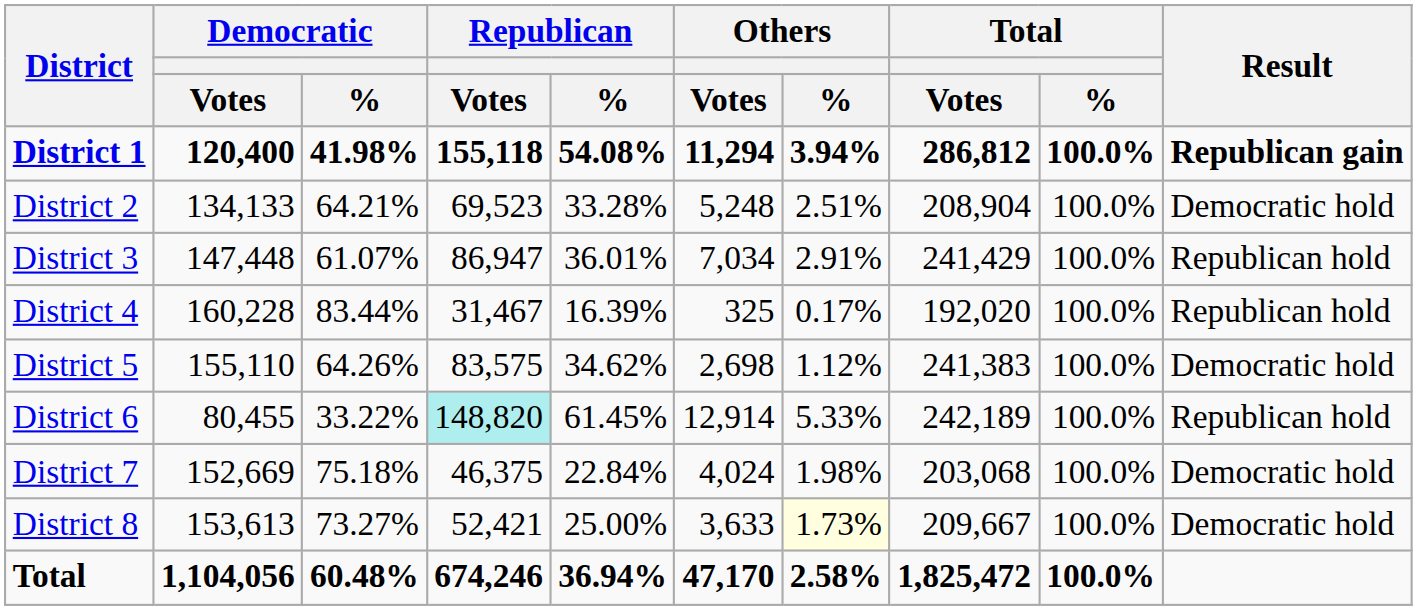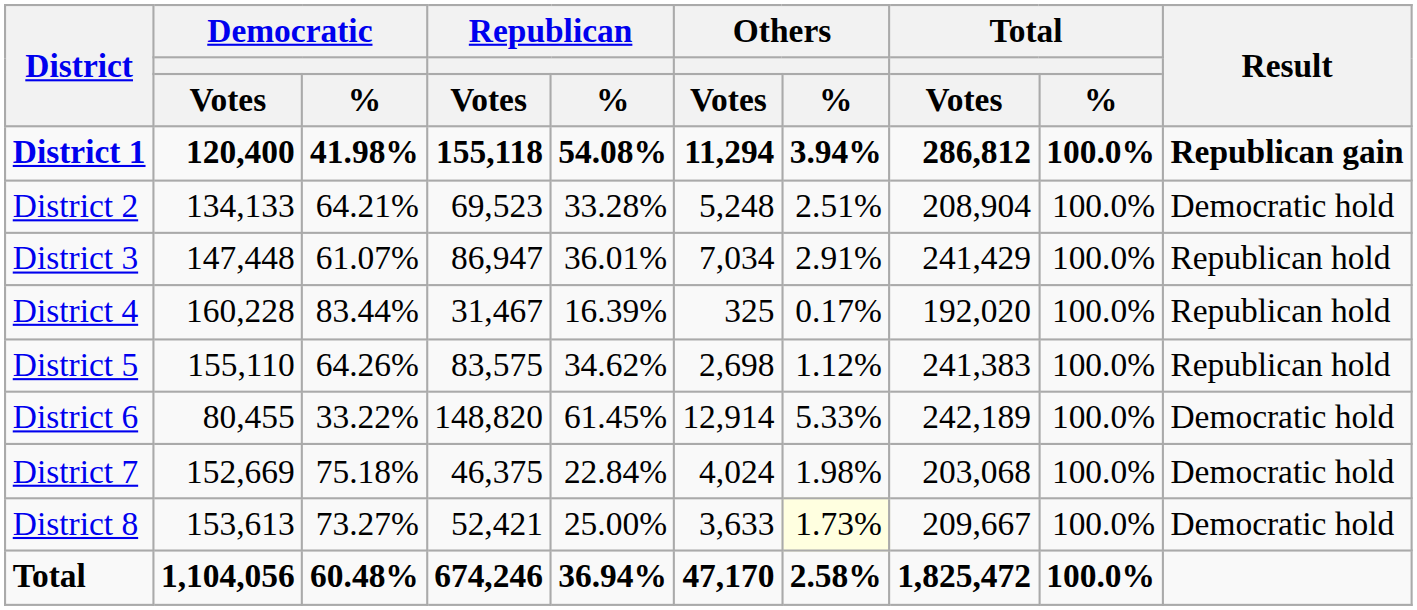 <table class="wikitable plainrowheaders sortable" style="font-size:100%; text-align:right;">
 <tr>
 <th rowspan="3" scope="col"><a href='#'>District</a></th>
 <th colspan="2" scope="col"><a href='#'>Democratic</a></th>
 <th colspan="2" scope="col"><a href='#'>Republican</a></th>
 <th colspan="2" scope="col">Others</th>
 <th colspan="2" scope="col">Total</th>
 <th rowspan="3" scope="col">Result</th>
 </tr>
 <tr>
 <th colspan="2" scope="col" style="background:"></th>
 <th colspan="2" scope="col" style="background:"></th>
 <th colspan="2" scope="col"></th>
 <th colspan="2" scope="col"></th>
 </tr>
 <tr>
 <th scope="col" data-sort-type="number">Votes</th>
 <th scope="col" data-sort-type="number">%</th>
 <th scope="col" data-sort-type="number">Votes</th>
 <th scope="col" data-sort-type="number">%</th>
 <th scope="col" data-sort-type="number">Votes</th>
 <th scope="col" data-sort-type="number">%</th>
 <th scope="col" data-sort-type="number">Votes</th>
 <th scope="col" data-sort-type="number">%</th>
 </tr>
 <tr>
 <td align="left"><strong><a href='#'>District 1</a></strong></td>
 <td><strong>120,400</strong></td>
 <td><strong>41.98%</strong></td>
 <td><strong>155,118</strong></td>
 <td><strong>54.08%</strong></td>
 <td><strong>11,294</strong></td>
 <td><strong>3.94%</strong></td>
 <td><strong>286,812</strong></td>
 <td><strong>100.0%</strong></td>
 <td align="left"><strong>Republican gain</strong></td>
 </tr>
 <tr>
 <td align="left"><a href='#'>District 2</a></td>
 <td>134,133</td>
 <td>64.21%</td>
 <td>69,523</td>
 <td>33.28%</td>
 <td>5,248</td>
 <td>2.51%</td>
 <td>208,904</td>
 <td>100.0%</td>
 <td align="left">Democratic hold</td>
 </tr>
 <tr>
 <td align="left"><a href='#'>District 3</a></td>
 <td>147,448</td>
 <td>61.07%</td>
 <td>86,947</td>
 <td>36.01%</td>
 <td>7,034</td>
 <td>2.91%</td>
 <td>241,429</td>
 <td>100.0%</td>
 <td align="left">Republican hold</td>
 </tr>
 <tr>
 <td align="left"><a href='#'>District 4</a></td>
 <td>160,228</td>
 <td>83.44%</td>
 <td>31,467</td>
 <td>16.39%</td>
 <td>325</td>
 <td>0.17%</td>
 <td>192,020</td>
 <td>100.0%</td>
 <td align="left">Republican hold</td>
 </tr>
 <tr>
 <td align="left"><a href='#'>District 5</a></td>
 <td>155,110</td>
 <td>64.26%</td>
 <td>83,575</td>
 <td>34.62%</td>
 <td>2,698</td>
 <td>1.12%</td>
 <td>241,383</td>
 <td>100.0%</td>
-<td align="left">Democratic hold</td>
+<td align="left">Republican hold</td>
 </tr>
 <tr>
 <td align="left"><a href='#'>District 6</a></td>
 <td>80,455</td>
 <td>33.22%</td>
-<td style="background: paleturquoise;">148,820</td>
+<td>148,820</td>
 <td>61.45%</td>
 <td>12,914</td>
 <td>5.33%</td>
 <td>242,189</td>
 <td>100.0%</td>
-<td align="left">Republican hold</td>
+<td align="left">Democratic hold</td>
 </tr>
 <tr>
 <td align="left"><a href='#'>District 7</a></td>
 <td>152,669</td>
 <td>75.18%</td>
 <td>46,375</td>
 <td>22.84%</td>
 <td>4,024</td>
 <td>1.98%</td>
 <td>203,068</td>
 <td>100.0%</td>
 <td align="left">Democratic hold</td>
 </tr>
 <tr>
 <td align="left"><a href='#'>District 8</a></td>
 <td>153,613</td>
 <td>73.27%</td>
 <td>52,421</td>
 <td>25.00%</td>
 <td>3,633</td>
 <td style="background: lightyellow;">1.73%</td>
 <td>209,667</td>
 <td>100.0%</td>
 <td align="left">Democratic hold</td>
 </tr>
 <tr class="sortbottom" style="font-weight:bold">
 <td align="left">Total</td>
 <td>1,104,056</td>
 <td>60.48%</td>
 <td>674,246</td>
 <td>36.94%</td>
 <td>47,170</td>
 <td>2.58%</td>
 <td>1,825,472</td>
 <td>100.0%</td>
 <td></td>
 </tr>
 </table>
